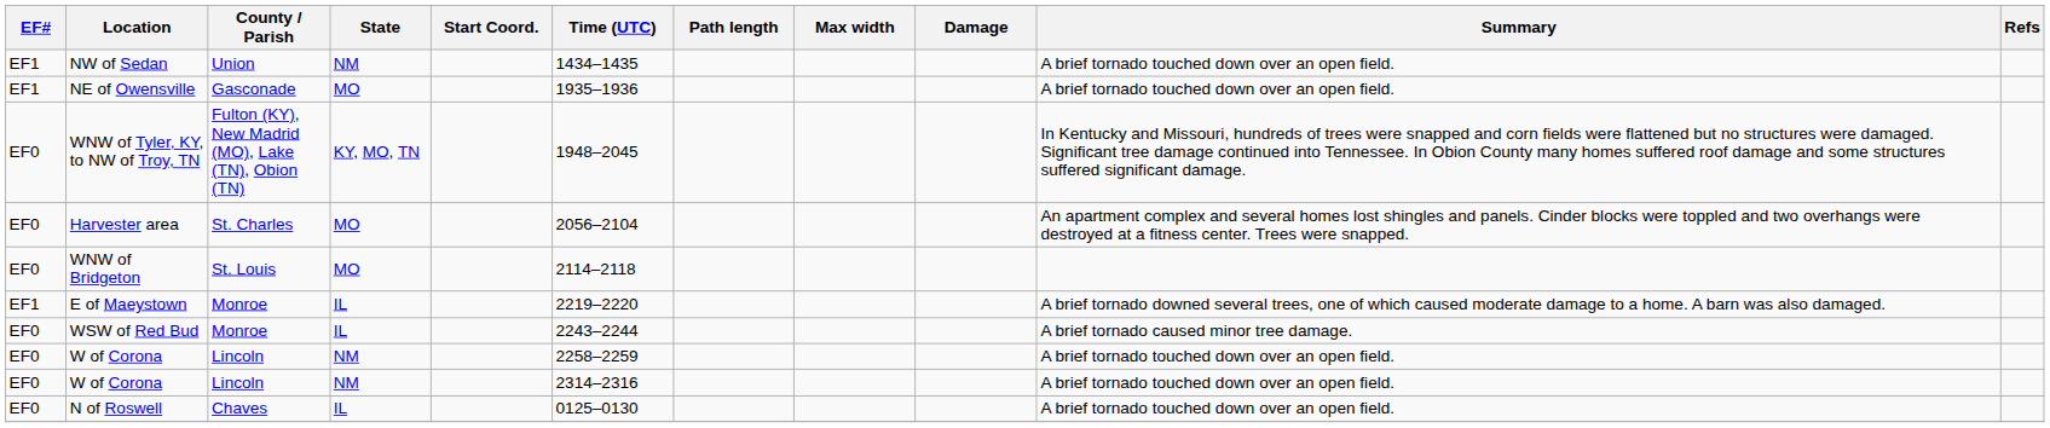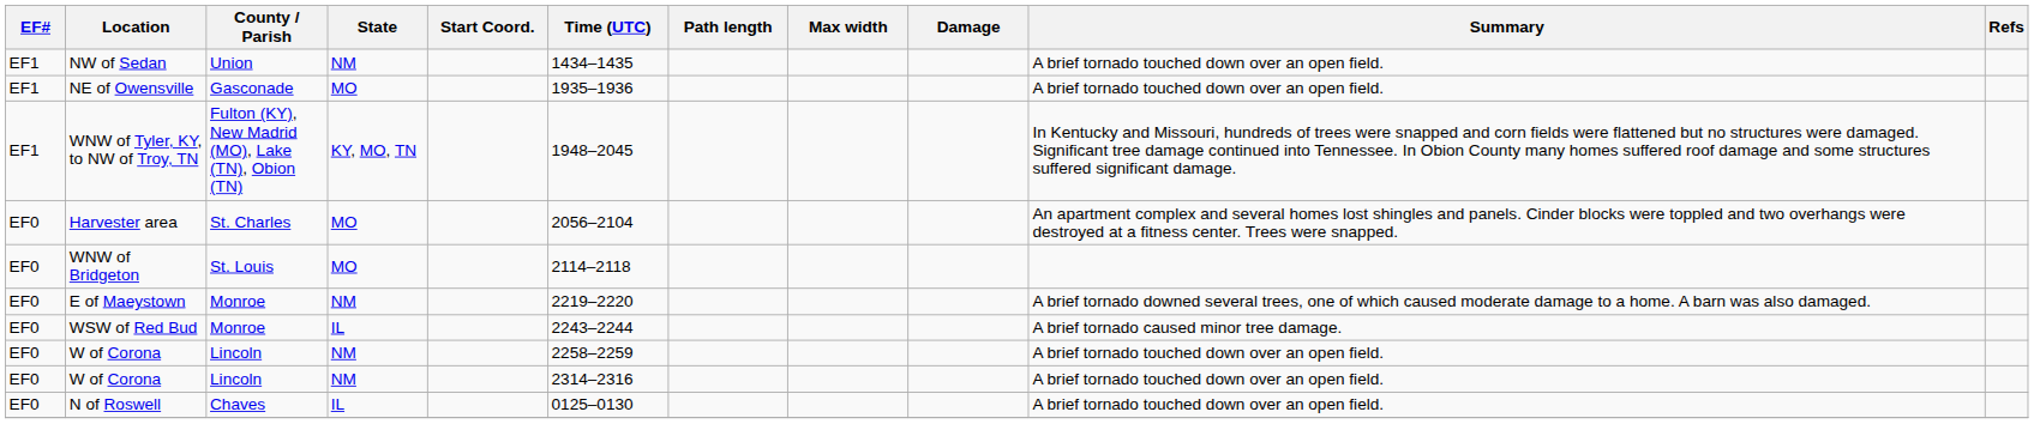 <table class="wikitable sortable" style="width:100%;">
 <tr>
 <th scope="col" width="3%" align="center"><a href='#'>EF#</a></th>
 <th scope="col" width="7%" align="center" class="unsortable">Location</th>
 <th scope="col" width="6%" align="center" class="unsortable">County / Parish</th>
 <th scope="col" width="5%" align="center">State</th>
 <th scope="col" width="6%" align="center">Start Coord.</th>
 <th scope="col" width="6%" align="center">Time (<a href='#'>UTC</a>)</th>
 <th scope="col" width="6%" align="center">Path length</th>
 <th scope="col" width="6%" align="center">Max width</th>
 <th scope="col" width="6%" align="center">Damage</th>
 <th scope="col" width="48%" class="unsortable" align="center">Summary</th>
 <th scope="col" width="48%" class="unsortable" align="center">Refs</th>
 </tr>
 <tr>
 <td>EF1</td>
 <td>NW of <a href='#'>Sedan</a></td>
 <td><a href='#'>Union</a></td>
 <td><a href='#'>NM</a></td>
 <td></td>
 <td>1434–1435</td>
 <td></td>
 <td></td>
 <td></td>
 <td>A brief tornado touched down over an open field.</td>
 <td></td>
 </tr>
 <tr>
 <td>EF1</td>
 <td>NE of <a href='#'>Owensville</a></td>
 <td><a href='#'>Gasconade</a></td>
 <td><a href='#'>MO</a></td>
 <td></td>
 <td>1935–1936</td>
 <td></td>
 <td></td>
 <td></td>
 <td>A brief tornado touched down over an open field.</td>
 <td></td>
 </tr>
 <tr>
-<td>EF0</td>
+<td>EF1</td>
 <td>WNW of <a href='#'>Tyler, KY</a>, to NW of <a href='#'>Troy, TN</a></td>
 <td><a href='#'>Fulton (KY)</a>, <a href='#'>New Madrid (MO)</a>, <a href='#'>Lake (TN)</a>, <a href='#'>Obion (TN)</a></td>
 <td><a href='#'>KY</a>, <a href='#'>MO</a>, <a href='#'>TN</a></td>
 <td></td>
 <td>1948–2045</td>
 <td></td>
 <td></td>
 <td></td>
 <td>In Kentucky and Missouri, hundreds of trees were snapped and corn fields were flattened but no structures were damaged. Significant tree damage continued into Tennessee. In Obion County many homes suffered roof damage and some structures suffered significant damage.</td>
 <td><br><br></td>
 </tr>
 <tr>
 <td>EF0</td>
 <td><a href='#'>Harvester</a> area</td>
 <td><a href='#'>St. Charles</a></td>
 <td><a href='#'>MO</a></td>
 <td></td>
 <td>2056–2104</td>
 <td></td>
 <td></td>
 <td></td>
 <td>An apartment complex and several homes lost shingles and panels. Cinder blocks were toppled and two overhangs were destroyed at a fitness center. Trees were snapped.</td>
 <td></td>
 </tr>
 <tr>
 <td>EF0</td>
 <td>WNW of <a href='#'>Bridgeton</a></td>
 <td><a href='#'>St. Louis</a></td>
 <td><a href='#'>MO</a></td>
 <td></td>
 <td>2114–2118</td>
 <td></td>
 <td></td>
 <td></td>
 <td></td>
 <td></td>
 </tr>
 <tr>
-<td>EF1</td>
+<td>EF0</td>
 <td>E of <a href='#'>Maeystown</a></td>
 <td><a href='#'>Monroe</a></td>
-<td><a href='#'>IL</a></td>
+<td><a href='#'>NM</a></td>
 <td></td>
 <td>2219–2220</td>
 <td></td>
 <td></td>
 <td></td>
 <td>A brief tornado downed several trees, one of which caused moderate damage to a home. A barn was also damaged.</td>
 <td></td>
 </tr>
 <tr>
 <td>EF0</td>
 <td>WSW of <a href='#'>Red Bud</a></td>
 <td><a href='#'>Monroe</a></td>
 <td><a href='#'>IL</a></td>
 <td></td>
 <td>2243–2244</td>
 <td></td>
 <td></td>
 <td></td>
 <td>A brief tornado caused minor tree damage.</td>
 <td></td>
 </tr>
 <tr>
 <td>EF0</td>
 <td>W of <a href='#'>Corona</a></td>
 <td><a href='#'>Lincoln</a></td>
 <td><a href='#'>NM</a></td>
 <td></td>
 <td>2258–2259</td>
 <td></td>
 <td></td>
 <td></td>
 <td>A brief tornado touched down over an open field.</td>
 <td></td>
 </tr>
 <tr>
 <td>EF0</td>
 <td>W of <a href='#'>Corona</a></td>
 <td><a href='#'>Lincoln</a></td>
 <td><a href='#'>NM</a></td>
 <td></td>
 <td>2314–2316</td>
 <td></td>
 <td></td>
 <td></td>
 <td>A brief tornado touched down over an open field.</td>
 <td></td>
 </tr>
 <tr>
 <td>EF0</td>
 <td>N of <a href='#'>Roswell</a></td>
 <td><a href='#'>Chaves</a></td>
 <td><a href='#'>IL</a></td>
 <td></td>
 <td>0125–0130</td>
 <td></td>
 <td></td>
 <td></td>
 <td>A brief tornado touched down over an open field.</td>
 <td></td>
 </tr>
 <tr>
 </tr>
 </table>
